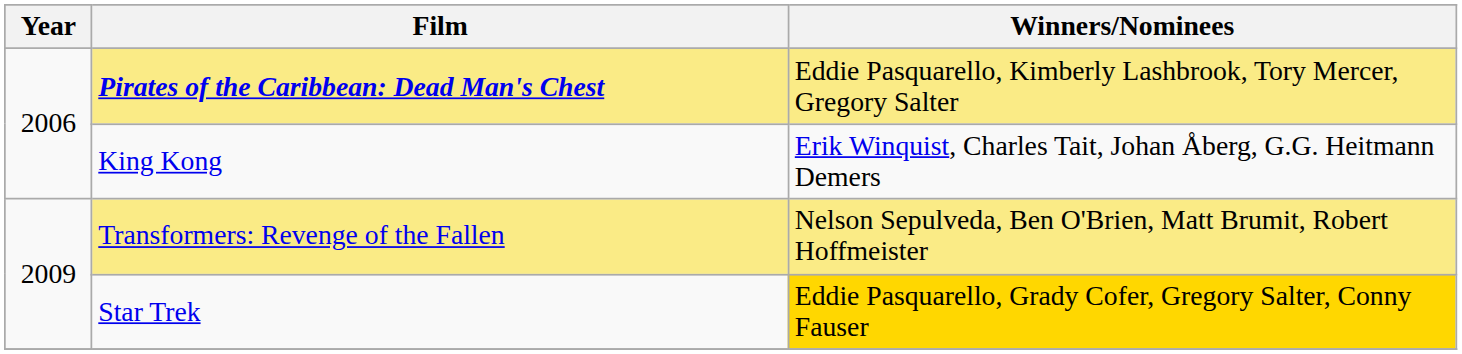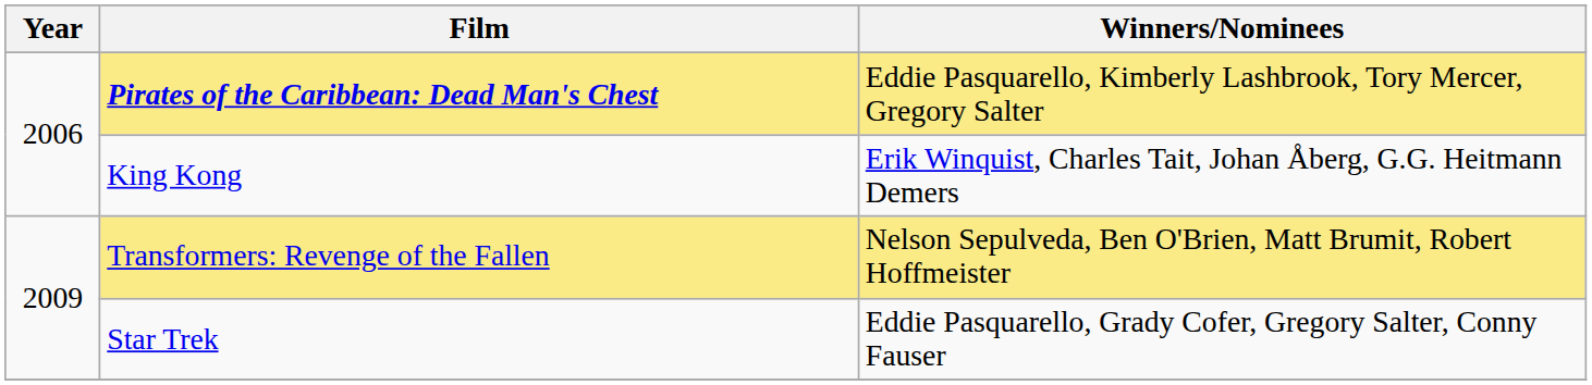 <table class="wikitable" width="95%" cellpadding="5">
 <tr>
 <th width="6%">Year</th>
 <th width="48%">Film</th>
 <th width="48%">Winners/Nominees</th>
 </tr>
 <tr>
 <td rowspan=2 style="text-align:center">2006<br></td>
 <td style="background:#FAEB86;"><strong><em><a href='#'>Pirates of the Caribbean: Dead Man's Chest</a><em> <strong></td>
 <td style="background:#FAEB86;"></strong>Eddie Pasquarello, Kimberly Lashbrook, Tory Mercer, Gregory Salter<strong></td>
 </tr>
 <tr>
 <td></em><a href='#'>King Kong</a><em></td>
 <td><a href='#'>Erik Winquist</a>, Charles Tait, Johan Åberg, G.G. Heitmann Demers</td>
 </tr>
 <tr>
 <td rowspan=2 style="text-align:center">2009<br></td>
 <td style="background:#FAEB86;"></em></strong><a href='#'>Transformers: Revenge of the Fallen</a><strong><em></td>
 <td style="background:#FAEB86;"></strong>Nelson Sepulveda, Ben O'Brien, Matt Brumit, Robert Hoffmeister<strong></td>
 </tr>
 <tr>
 <td></em><a href='#'>Star Trek</a><em></td>
-<td style="background: gold;">Eddie Pasquarello, Grady Cofer, Gregory Salter, Conny Fauser</td>
+<td>Eddie Pasquarello, Grady Cofer, Gregory Salter, Conny Fauser</td>
 </tr>
 <tr>
 </tr>
 </table>
